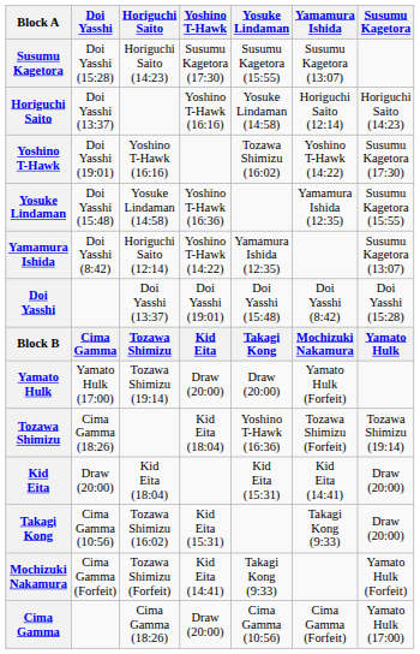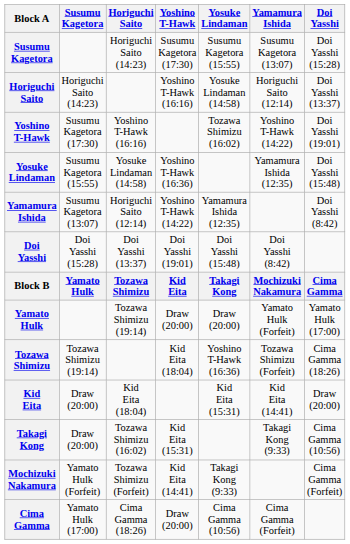 <table class="wikitable" style="margin: 1em auto 1em auto;text-align:center">
 <tr>
 <th>Block A</th>
-<th><a href='#'>Doi</a><br><a href='#'>Yasshi</a></th>
+<th><a href='#'>Susumu</a><br><a href='#'>Kagetora</a></th>
 <th><a href='#'>Horiguchi</a><br><a href='#'>Saito</a></th>
 <th><a href='#'>Yoshino</a><br><a href='#'>T-Hawk</a></th>
 <th><a href='#'>Yosuke</a><br><a href='#'>Lindaman</a></th>
 <th><a href='#'>Yamamura</a><br><a href='#'>Ishida</a></th>
-<th><a href='#'>Susumu</a><br><a href='#'>Kagetora</a></th>
+<th><a href='#'>Doi</a><br><a href='#'>Yasshi</a></th>
 </tr>
 <tr>
 <th><a href='#'>Susumu</a><br><a href='#'>Kagetora</a></th>
-<td>Doi<br>Yasshi<br>(15:28)</td>
+<td></td>
 <td>Horiguchi<br>Saito<br>(14:23)</td>
 <td>Susumu<br>Kagetora<br>(17:30)</td>
 <td>Susumu<br>Kagetora<br>(15:55)</td>
 <td>Susumu<br>Kagetora<br>(13:07)</td>
-<td></td>
+<td>Doi<br>Yasshi<br>(15:28)</td>
 </tr>
 <tr>
 <th><a href='#'>Horiguchi</a><br><a href='#'>Saito</a></th>
-<td>Doi<br>Yasshi<br>(13:37)</td>
+<td>Horiguchi<br>Saito<br>(14:23)</td>
 <td></td>
 <td>Yoshino<br>T-Hawk<br>(16:16)</td>
 <td>Yosuke<br>Lindaman<br>(14:58)</td>
 <td>Horiguchi<br>Saito<br>(12:14)</td>
-<td>Horiguchi<br>Saito<br>(14:23)</td>
+<td>Doi<br>Yasshi<br>(13:37)</td>
 </tr>
 <tr>
 <th><a href='#'>Yoshino</a><br><a href='#'>T-Hawk</a></th>
-<td>Doi<br>Yasshi<br>(19:01)</td>
+<td>Susumu<br>Kagetora<br>(17:30)</td>
 <td>Yoshino<br>T-Hawk<br>(16:16)</td>
 <td></td>
 <td>Tozawa<br>Shimizu<br>(16:02)</td>
 <td>Yoshino<br>T-Hawk<br>(14:22)</td>
-<td>Susumu<br>Kagetora<br>(17:30)</td>
+<td>Doi<br>Yasshi<br>(19:01)</td>
 </tr>
 <tr>
 <th><a href='#'>Yosuke</a><br><a href='#'>Lindaman</a></th>
-<td>Doi<br>Yasshi<br>(15:48)</td>
+<td>Susumu<br>Kagetora<br>(15:55)</td>
 <td>Yosuke<br>Lindaman<br>(14:58)</td>
 <td>Yoshino<br>T-Hawk<br>(16:36)</td>
 <td></td>
 <td>Yamamura<br>Ishida<br>(12:35)</td>
-<td>Susumu<br>Kagetora<br>(15:55)</td>
+<td>Doi<br>Yasshi<br>(15:48)</td>
 </tr>
 <tr>
 <th><a href='#'>Yamamura</a><br><a href='#'>Ishida</a></th>
-<td>Doi<br>Yasshi<br>(8:42)</td>
+<td>Susumu<br>Kagetora<br>(13:07)</td>
 <td>Horiguchi<br>Saito<br>(12:14)</td>
 <td>Yoshino<br>T-Hawk<br>(14:22)</td>
 <td>Yamamura<br>Ishida<br>(12:35)</td>
 <td></td>
-<td>Susumu<br>Kagetora<br>(13:07)</td>
+<td>Doi<br>Yasshi<br>(8:42)</td>
 </tr>
 <tr>
 <th><a href='#'>Doi</a><br><a href='#'>Yasshi</a></th>
-<td></td>
+<td>Doi<br>Yasshi<br>(15:28)</td>
 <td>Doi<br>Yasshi<br>(13:37)</td>
 <td>Doi<br>Yasshi<br>(19:01)</td>
 <td>Doi<br>Yasshi<br>(15:48)</td>
 <td>Doi<br>Yasshi<br>(8:42)</td>
-<td>Doi<br>Yasshi<br>(15:28)</td>
+<td></td>
 </tr>
 <tr>
 <th>Block B</th>
-<th><a href='#'>Cima</a><br><a href='#'>Gamma</a></th>
+<th><a href='#'>Yamato</a><br><a href='#'>Hulk</a></th>
 <th><a href='#'>Tozawa</a><br><a href='#'>Shimizu</a></th>
 <th><a href='#'>Kid</a><br><a href='#'>Eita</a></th>
 <th><a href='#'>Takagi</a><br><a href='#'>Kong</a></th>
 <th><a href='#'>Mochizuki</a><br><a href='#'>Nakamura</a></th>
-<th><a href='#'>Yamato</a><br><a href='#'>Hulk</a></th>
+<th><a href='#'>Cima</a><br><a href='#'>Gamma</a></th>
 </tr>
 <tr>
 <th><a href='#'>Yamato</a><br><a href='#'>Hulk</a></th>
-<td>Yamato<br>Hulk<br>(17:00)</td>
+<td></td>
 <td>Tozawa<br>Shimizu<br>(19:14)</td>
 <td>Draw<br>(20:00)</td>
 <td>Draw<br>(20:00)</td>
 <td>Yamato<br>Hulk<br>(Forfeit)</td>
-<td></td>
+<td>Yamato<br>Hulk<br>(17:00)</td>
 </tr>
 <tr>
 <th><a href='#'>Tozawa</a><br><a href='#'>Shimizu</a></th>
-<td>Cima<br>Gamma<br>(18:26)</td>
+<td>Tozawa<br>Shimizu<br>(19:14)</td>
 <td></td>
 <td>Kid<br>Eita<br>(18:04)</td>
 <td>Yoshino<br>T-Hawk<br>(16:36)</td>
 <td>Tozawa<br>Shimizu<br>(Forfeit)</td>
-<td>Tozawa<br>Shimizu<br>(19:14)</td>
+<td>Cima<br>Gamma<br>(18:26)</td>
 </tr>
 <tr>
 <th><a href='#'>Kid</a><br><a href='#'>Eita</a></th>
 <td>Draw<br>(20:00)</td>
 <td>Kid<br>Eita<br>(18:04)</td>
 <td></td>
 <td>Kid<br>Eita<br>(15:31)</td>
 <td>Kid<br>Eita<br>(14:41)</td>
 <td>Draw<br>(20:00)</td>
 </tr>
 <tr>
 <th><a href='#'>Takagi</a><br><a href='#'>Kong</a></th>
-<td>Cima<br>Gamma<br>(10:56)</td>
+<td>Draw<br>(20:00)</td>
 <td>Tozawa<br>Shimizu<br>(16:02)</td>
 <td>Kid<br>Eita<br>(15:31)</td>
 <td></td>
 <td>Takagi<br>Kong<br>(9:33)</td>
-<td>Draw<br>(20:00)</td>
+<td>Cima<br>Gamma<br>(10:56)</td>
 </tr>
 <tr>
 <th><a href='#'>Mochizuki</a><br><a href='#'>Nakamura</a></th>
-<td>Cima<br>Gamma<br>(Forfeit)</td>
+<td>Yamato<br>Hulk<br>(Forfeit)</td>
 <td>Tozawa<br>Shimizu<br>(Forfeit)</td>
 <td>Kid<br>Eita<br>(14:41)</td>
 <td>Takagi<br>Kong<br>(9:33)</td>
 <td></td>
-<td>Yamato<br>Hulk<br>(Forfeit)</td>
+<td>Cima<br>Gamma<br>(Forfeit)</td>
 </tr>
 <tr>
 <th><a href='#'>Cima</a><br><a href='#'>Gamma</a></th>
-<td></td>
+<td>Yamato<br>Hulk<br>(17:00)</td>
 <td>Cima<br>Gamma<br>(18:26)</td>
 <td>Draw<br>(20:00)</td>
 <td>Cima<br>Gamma<br>(10:56)</td>
 <td>Cima<br>Gamma<br>(Forfeit)</td>
-<td>Yamato<br>Hulk<br>(17:00)</td>
+<td></td>
 </tr>
 </table>
